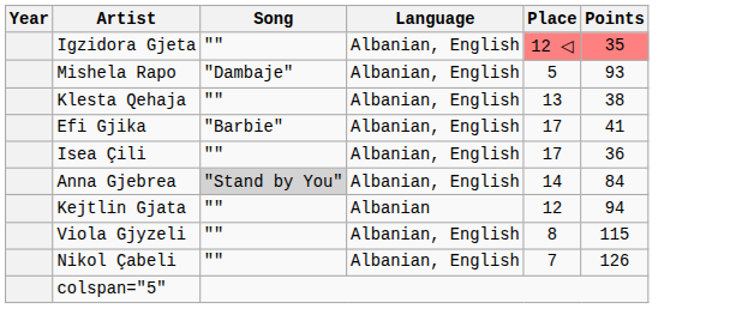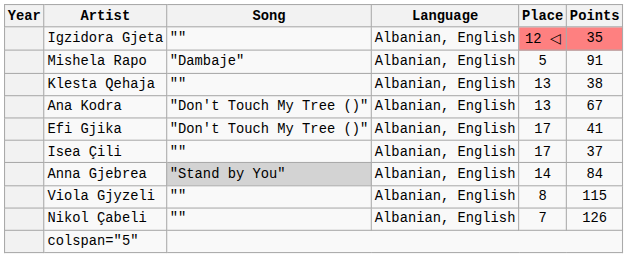 <table class="wikitable sortable plainrowheaders">
 <tr>
 <th scope="col">Year</th>
 <th scope="col">Artist</th>
 <th scope="col">Song</th>
 <th scope="col">Language</th>
 <th scope="col" data-sort-type="number">Place</th>
 <th scope="col" data-sort-type="number">Points</th>
 </tr>
 <tr>
 <th scope="row" style="text-align:center;"></th>
 <td>Igzidora Gjeta</td>
 <td>""</td>
 <td>Albanian, English</td>
 <td style="text-align:center; background-color:#FE8080;">12 ◁</td>
 <td style="text-align:center; background-color:#FE8080;">35</td>
 </tr>
 <tr>
 <th scope="row" style="text-align:center;"></th>
 <td>Mishela Rapo</td>
 <td>"Dambaje"</td>
 <td>Albanian, English</td>
 <td style="text-align:center;">5</td>
-<td style="text-align:center;">93</td>
+<td style="text-align:center;">91</td>
 </tr>
 <tr>
 <th scope="row" style="text-align:center;"></th>
 <td>Klesta Qehaja</td>
 <td>""</td>
 <td>Albanian, English</td>
 <td style="text-align:center;">13</td>
 <td style="text-align:center;">38</td>
 </tr>
 <tr>
 <th scope="row" style="text-align:center;"></th>
+<td>Ana Kodra</td>
+<td>"Don't Touch My Tree ()"</td>
+<td>Albanian, English</td>
+<td style="text-align:center;">13</td>
+<td style="text-align:center;">67</td>
+</tr>
+<tr>
+<th scope="row" style="text-align:center;"></th>
 <td>Efi Gjika</td>
-<td>"Barbie"</td>
+<td>"Don't Touch My Tree ()"</td>
 <td>Albanian, English</td>
 <td style="text-align:center;">17</td>
 <td style="text-align:center;">41</td>
 </tr>
 <tr>
 <th scope="row" style="text-align:center;"></th>
 <td>Isea Çili</td>
 <td>""</td>
 <td>Albanian, English</td>
 <td style="text-align:center;">17</td>
-<td style="text-align:center;">36</td>
+<td style="text-align:center;">37</td>
 </tr>
 <tr>
 <th scope="row" style="text-align:center;"></th>
 <td>Anna Gjebrea</td>
 <td style="background: lightgrey;">"Stand by You"</td>
 <td>Albanian, English</td>
 <td style="text-align:center;">14</td>
 <td style="text-align:center;">84</td>
-</tr>
-<tr>
-<th scope="row" style="text-align:center;"></th>
-<td>Kejtlin Gjata</td>
-<td>""</td>
-<td>Albanian</td>
-<td style="text-align:center;">12</td>
-<td style="text-align:center;">94</td>
 </tr>
 <tr>
 <th scope="row" style="text-align:center;"></th>
 <td>Viola Gjyzeli</td>
 <td>""</td>
 <td>Albanian, English</td>
 <td style="text-align:center;">8</td>
 <td style="text-align:center;">115</td>
 </tr>
 <tr>
 <th scope="row" style="text-align:center;"></th>
 <td>Nikol Çabeli</td>
 <td>""</td>
 <td>Albanian, English</td>
 <td style="text-align:center;">7</td>
 <td style="text-align:center;">126</td>
 </tr>
 <tr>
 <th scope="row" style="text-align:center;"></th>
 <td>colspan="5" </td>
 </tr>
 </table>
